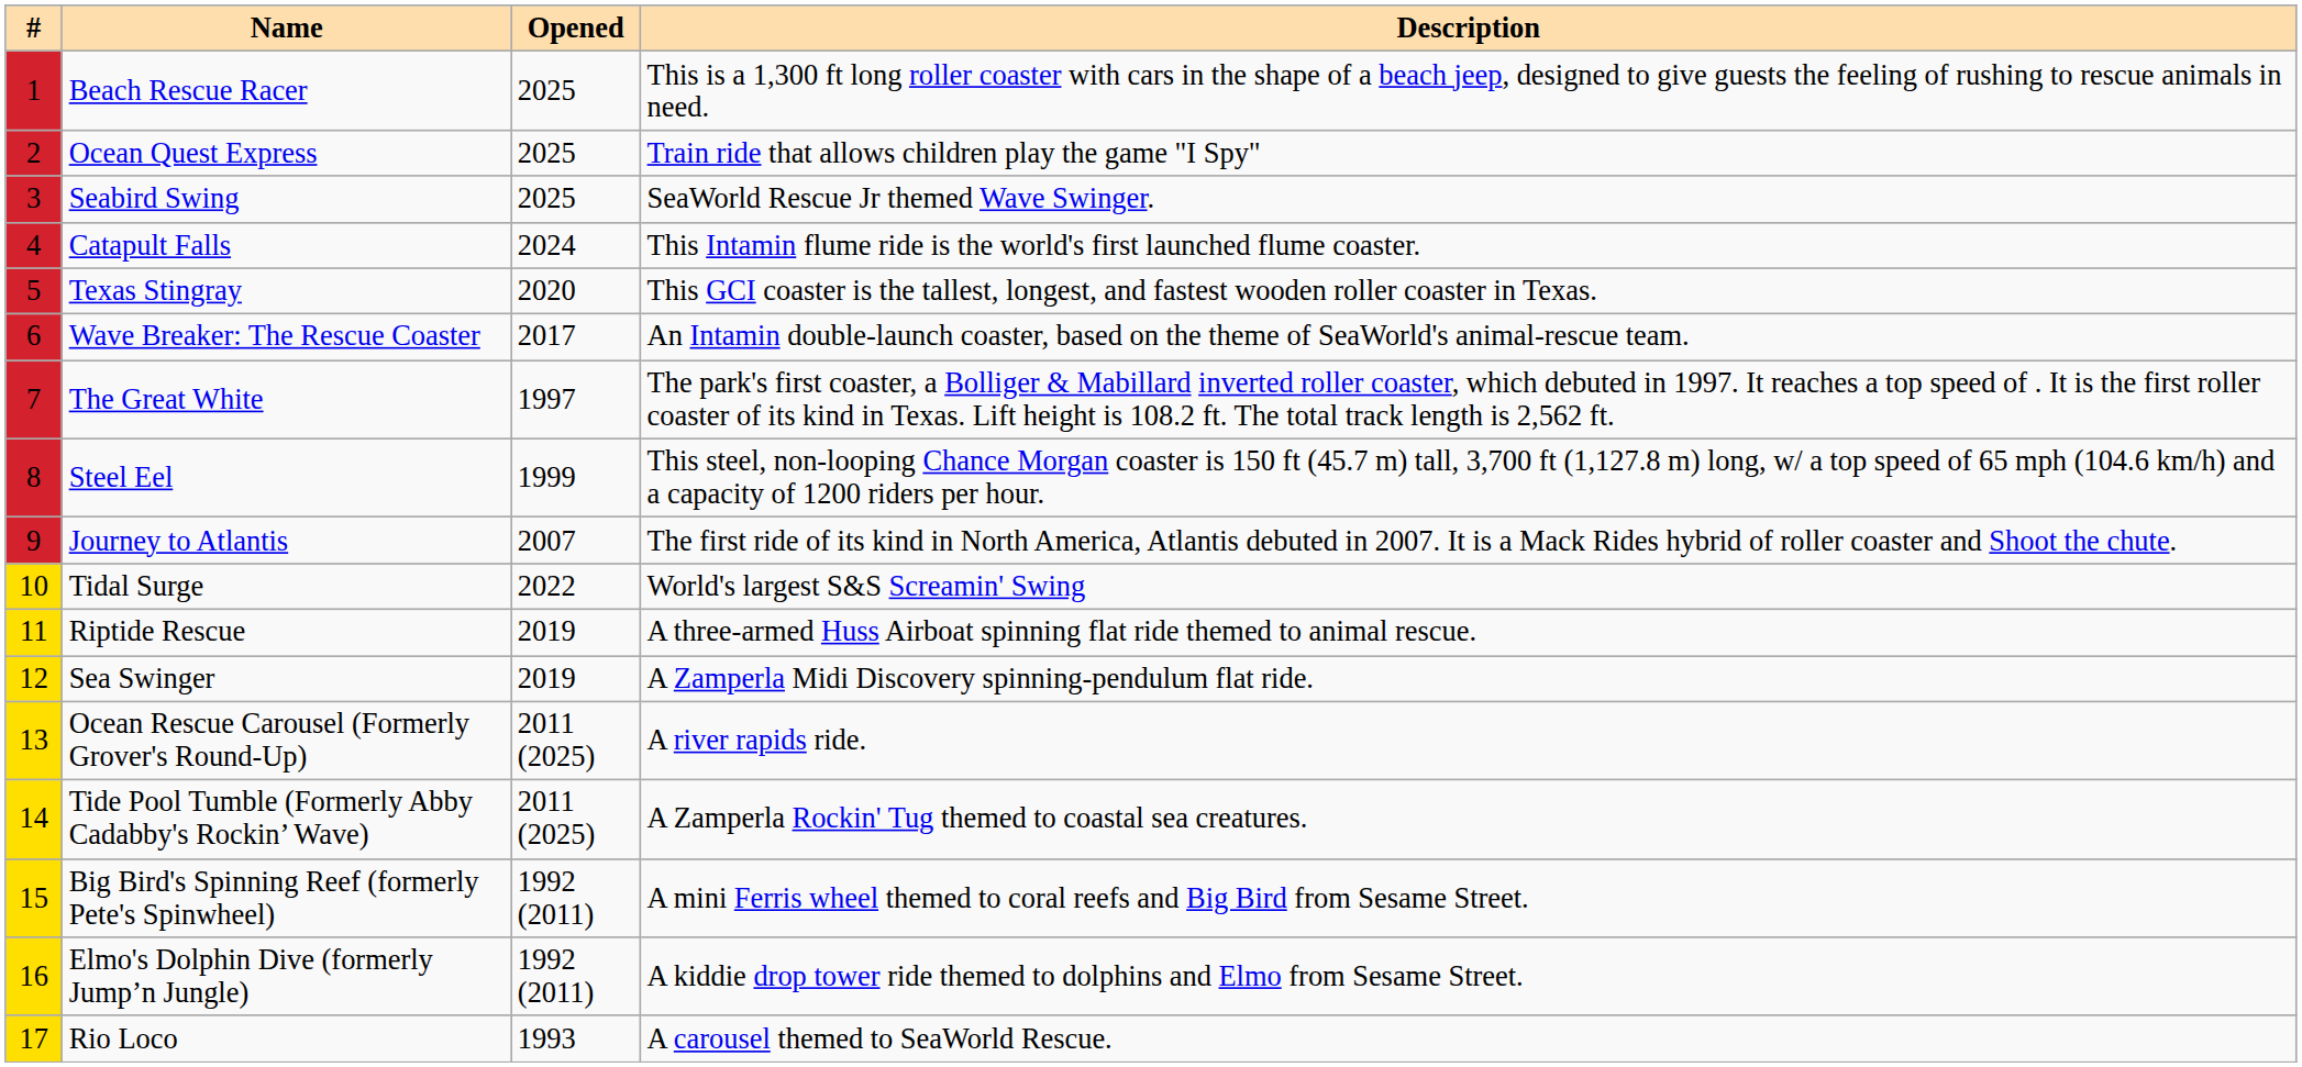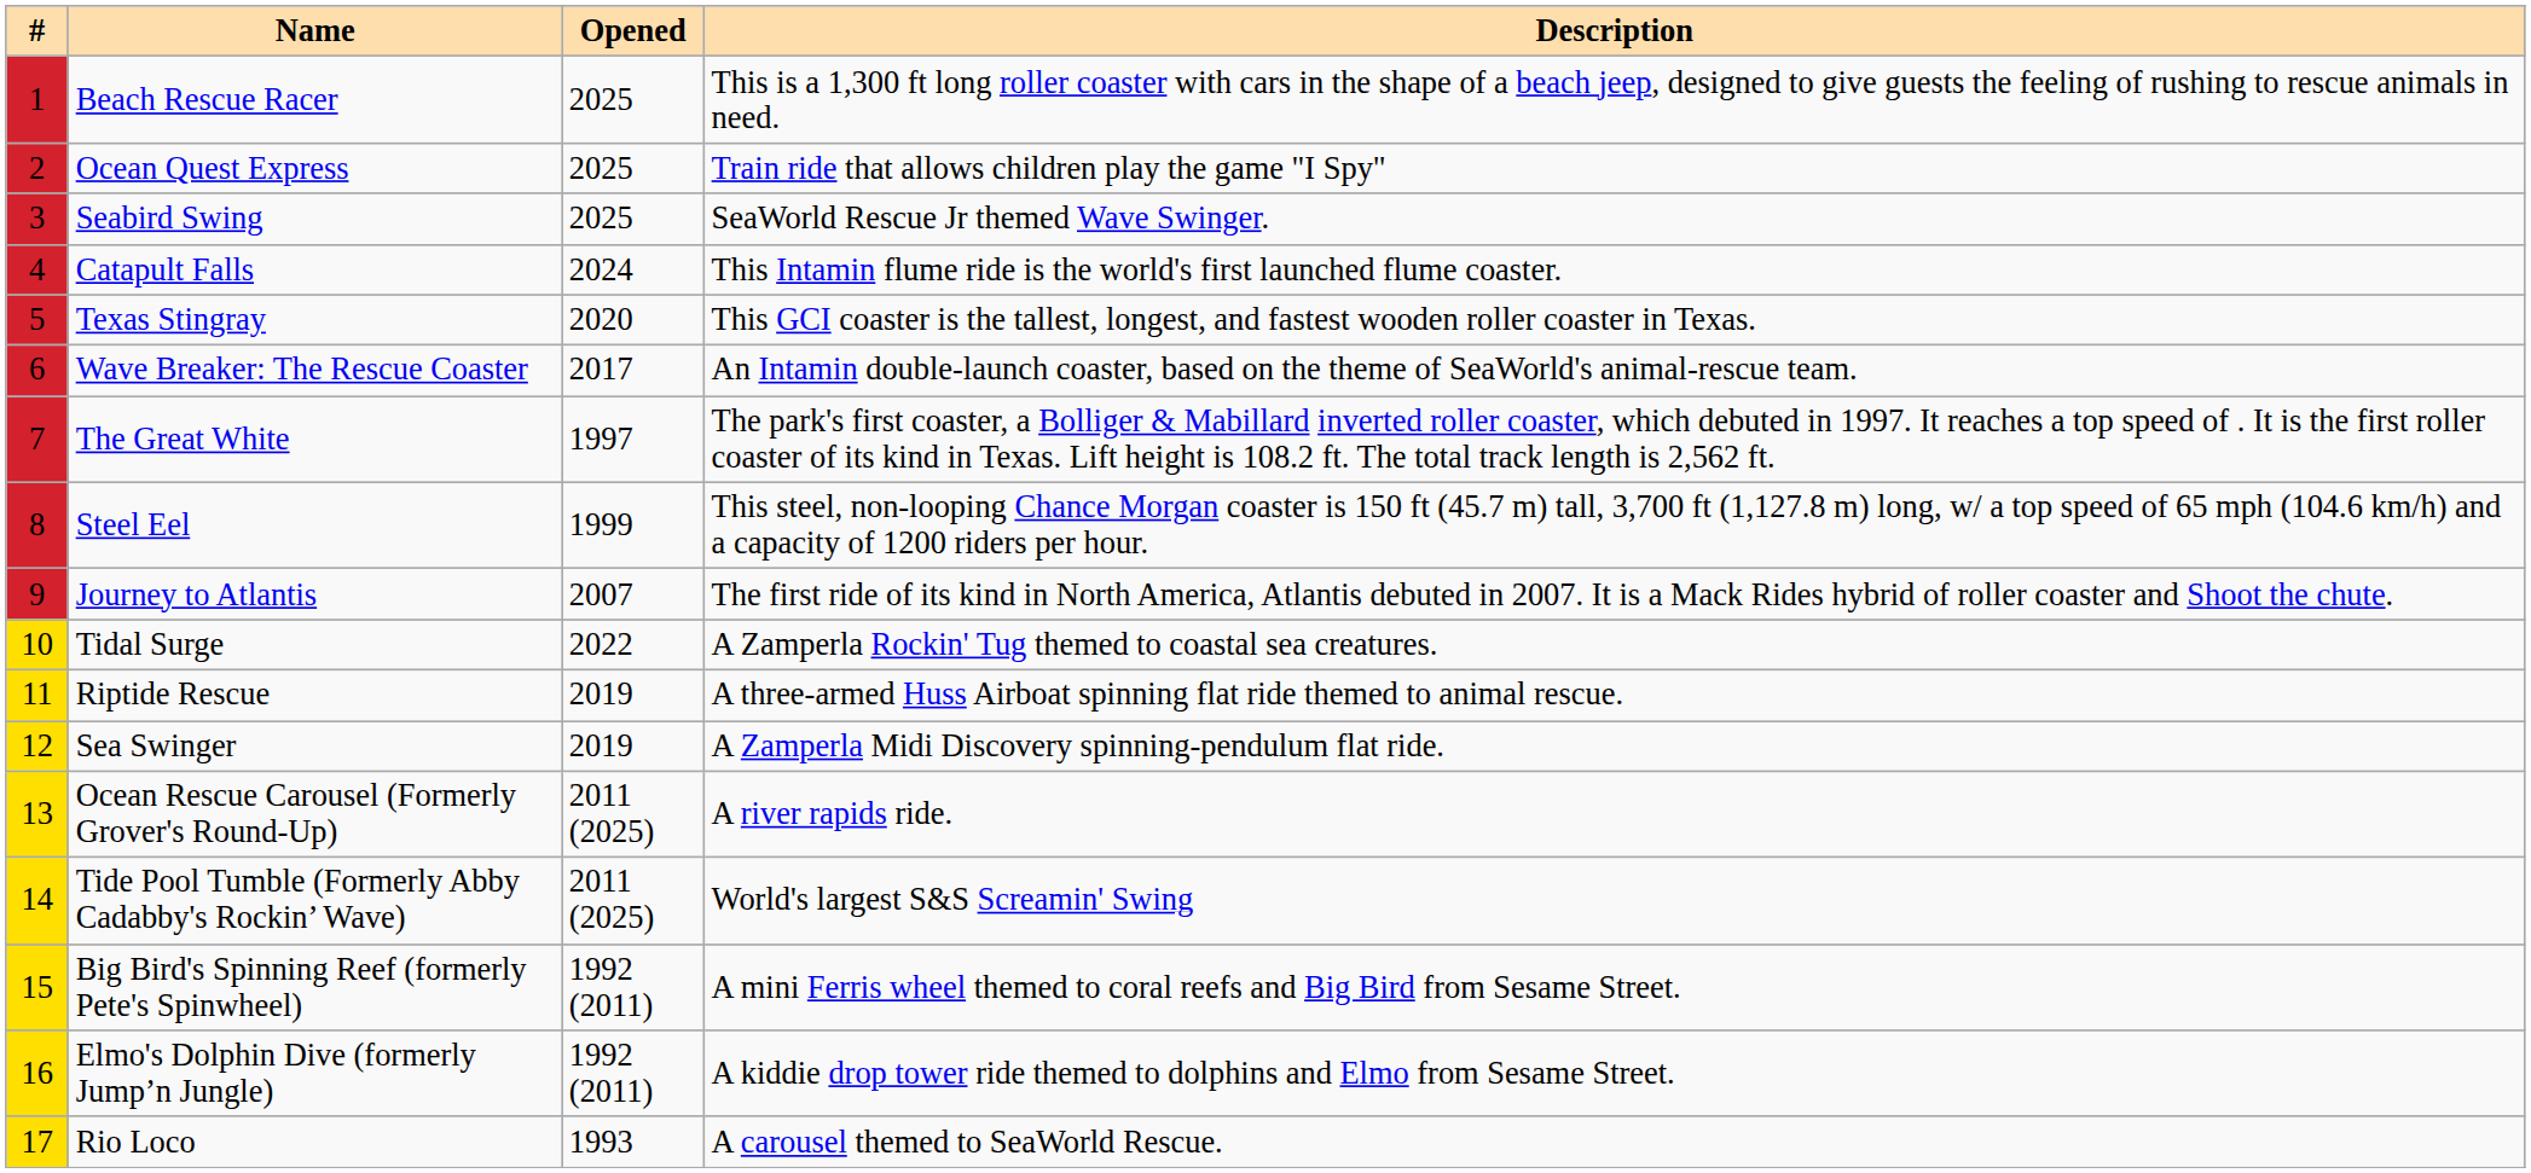 <table class="wikitable" style="width: 100%; font sizes: 95%;">
 <tr>
 <th style="background-color: #FFDEAD; width: 1.5em;">#</th>
 <th style="background-color: #FFDEAD; width: 15em;">Name</th>
 <th style="background-color: #FFDEAD; width: 4em;">Opened</th>
 <th style="background-color: #FFDEAD;">Description</th>
 </tr>
 <tr>
 <td style="background-color: #D3212D; text-align: center;">1</td>
 <td><a href='#'>Beach Rescue Racer</a></td>
 <td>2025</td>
 <td>This is a 1,300 ft long <a href='#'>roller coaster</a> with cars in the shape of a <a href='#'>beach jeep</a>, designed to give guests the feeling of rushing to rescue animals in need.</td>
 </tr>
 <tr>
 <td style="background-color: #D3212D; text-align: center;">2</td>
 <td><a href='#'>Ocean Quest Express</a></td>
 <td>2025</td>
 <td><a href='#'>Train ride</a> that allows children play the game "I Spy"</td>
 </tr>
 <tr>
 <td style="background-color: #D3212D; text-align: center;">3</td>
 <td><a href='#'>Seabird Swing</a></td>
 <td>2025</td>
 <td>SeaWorld Rescue Jr themed <a href='#'>Wave Swinger</a>.</td>
 </tr>
 <tr>
 <td style="background-color: #D3212D; text-align: center;">4</td>
 <td><a href='#'>Catapult Falls</a></td>
 <td>2024</td>
 <td>This <a href='#'>Intamin</a> flume ride is the world's first launched flume coaster.</td>
 </tr>
 <tr>
 <td style="background-color: #D3212D; text-align: center;">5</td>
 <td><a href='#'>Texas Stingray</a></td>
 <td>2020</td>
 <td>This <a href='#'>GCI</a> coaster is the tallest, longest, and fastest wooden roller coaster in Texas.</td>
 </tr>
 <tr>
 <td style="background-color: #D3212D; text-align: center;">6</td>
 <td><a href='#'>Wave Breaker: The Rescue Coaster</a></td>
 <td>2017</td>
 <td>An <a href='#'>Intamin</a> double-launch coaster, based on the theme of SeaWorld's animal-rescue team.</td>
 </tr>
 <tr>
 <td style="background-color: #D3212D; text-align: center;">7</td>
 <td><a href='#'>The Great White</a></td>
 <td>1997</td>
 <td>The park's first coaster, a <a href='#'>Bolliger & Mabillard</a> <a href='#'>inverted roller coaster</a>, which debuted in 1997. It reaches a top speed of . It is the first roller coaster of its kind in Texas. Lift height is 108.2 ft. The total track length is 2,562 ft.</td>
 </tr>
 <tr>
 <td style="background-color: #D3212D; text-align: center;">8</td>
 <td><a href='#'>Steel Eel</a></td>
 <td>1999</td>
 <td>This steel, non-looping <a href='#'>Chance Morgan</a> coaster is 150 ft (45.7 m) tall, 3,700 ft (1,127.8 m) long, w/ a top speed of 65 mph (104.6 km/h) and a capacity of 1200 riders per hour.</td>
 </tr>
 <tr>
 <td style="background-color: #D3212D; text-align: center;">9</td>
 <td><a href='#'>Journey to Atlantis</a></td>
 <td>2007</td>
 <td>The first ride of its kind in North America, Atlantis debuted in 2007. It is a Mack Rides hybrid of roller coaster and <a href='#'>Shoot the chute</a>.</td>
 </tr>
 <tr>
 <td style="background-color: #FFDF00; text-align: center;">10</td>
 <td>Tidal Surge</td>
 <td>2022</td>
-<td>World's largest S&S <a href='#'>Screamin' Swing</a></td>
+<td>A Zamperla <a href='#'>Rockin' Tug</a> themed to coastal sea creatures.</td>
 </tr>
 <tr>
 <td style="background-color: #FFDF00; text-align: center;">11</td>
 <td>Riptide Rescue</td>
 <td>2019</td>
 <td>A three-armed <a href='#'>Huss</a> Airboat spinning flat ride themed to animal rescue.</td>
 </tr>
 <tr>
 <td style="background-color: #FFDF00; text-align: center;">12</td>
 <td>Sea Swinger</td>
 <td>2019</td>
 <td>A <a href='#'>Zamperla</a> Midi Discovery spinning-pendulum flat ride.</td>
 </tr>
 <tr>
 <td style="background-color: #FFDF00; text-align: center;">13</td>
 <td>Ocean Rescue Carousel (Formerly Grover's Round-Up)</td>
 <td>2011 (2025)</td>
 <td>A <a href='#'>river rapids</a> ride.</td>
 </tr>
 <tr>
 <td style="background-color: #FFDF00; text-align: center;">14</td>
 <td>Tide Pool Tumble (Formerly Abby Cadabby's Rockin’ Wave)</td>
 <td>2011 (2025)</td>
-<td>A Zamperla <a href='#'>Rockin' Tug</a> themed to coastal sea creatures.</td>
+<td>World's largest S&S <a href='#'>Screamin' Swing</a></td>
 </tr>
 <tr>
 <td style="background-color: #FFDF00; text-align: center;">15</td>
 <td>Big Bird's Spinning Reef (formerly Pete's Spinwheel)</td>
 <td>1992 (2011)</td>
 <td>A mini <a href='#'>Ferris wheel</a> themed to coral reefs and <a href='#'>Big Bird</a> from Sesame Street.</td>
 </tr>
 <tr>
 <td style="background-color: #FFDF00; text-align: center;">16</td>
 <td>Elmo's Dolphin Dive (formerly Jump’n Jungle)</td>
 <td>1992 (2011)</td>
 <td>A kiddie <a href='#'>drop tower</a> ride themed to dolphins and <a href='#'>Elmo</a> from Sesame Street.</td>
 </tr>
 <tr>
 <td style="background-color: #FFDF00; text-align: center;">17</td>
 <td>Rio Loco</td>
 <td>1993</td>
 <td>A <a href='#'>carousel</a> themed to SeaWorld Rescue.</td>
 </tr>
 <tr>
 </tr>
 </table>
